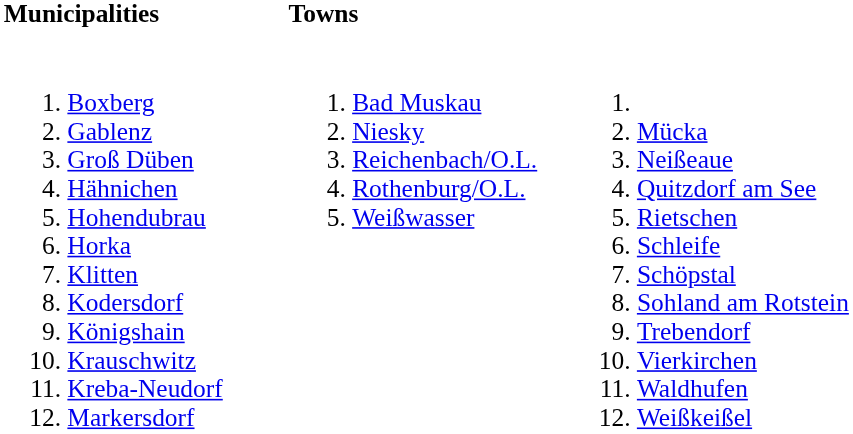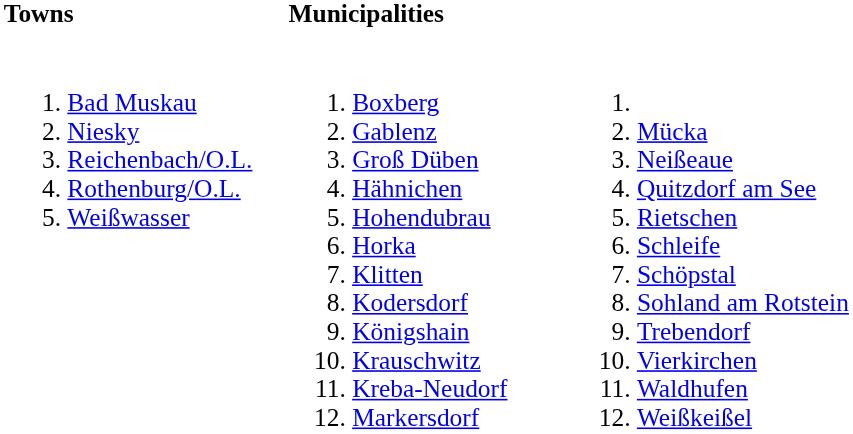 <table>
 <tr>
+<th align=left width=33%>Towns</th>
 <th align=left width=33%>Municipalities</th>
-<th align=left width=33%>Towns</th>
 <th align=left width=33%></th>
 </tr>
 <tr valign=top>
+<td><br><ol><li><a href='#'>Bad Muskau</a></li><li><a href='#'>Niesky</a></li><li><a href='#'>Reichenbach/O.L.</a></li><li><a href='#'>Rothenburg/O.L.</a></li><li><a href='#'>Weißwasser</a></li></ol></td>
 <td><br><ol><li><a href='#'>Boxberg</a></li><li><a href='#'>Gablenz</a></li><li><a href='#'>Groß Düben</a></li><li><a href='#'>Hähnichen</a></li><li><a href='#'>Hohendubrau</a></li><li><a href='#'>Horka</a></li><li><a href='#'>Klitten</a></li><li><a href='#'>Kodersdorf</a></li><li><a href='#'>Königshain</a></li><li><a href='#'>Krauschwitz</a></li><li><a href='#'>Kreba-Neudorf</a></li><li><a href='#'>Markersdorf</a></li></ol></td>
-<td><br><ol><li><a href='#'>Bad Muskau</a></li><li><a href='#'>Niesky</a></li><li><a href='#'>Reichenbach/O.L.</a></li><li><a href='#'>Rothenburg/O.L.</a></li><li><a href='#'>Weißwasser</a></li></ol></td>
 <td><br><ol><li><li> <a href='#'>Mücka</a></li><li><a href='#'>Neißeaue</a></li><li><a href='#'>Quitzdorf am See</a></li><li><a href='#'>Rietschen</a></li><li><a href='#'>Schleife</a></li><li><a href='#'>Schöpstal</a></li><li><a href='#'>Sohland am Rotstein</a></li><li><a href='#'>Trebendorf</a></li><li><a href='#'>Vierkirchen</a></li><li><a href='#'>Waldhufen</a></li><li><a href='#'>Weißkeißel</a></li></ol></td>
 </tr>
 </table>
